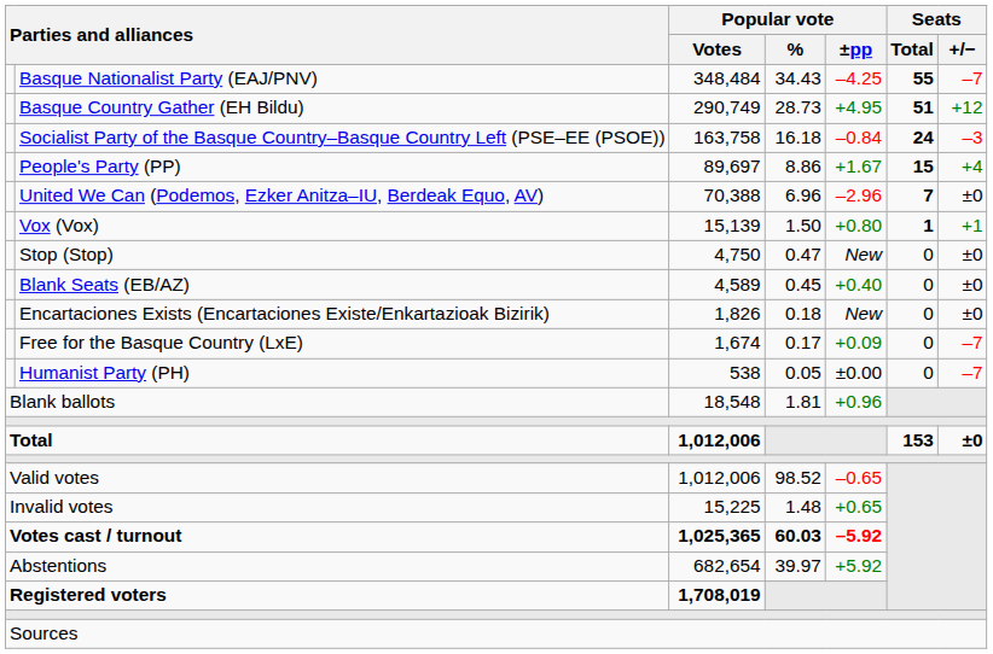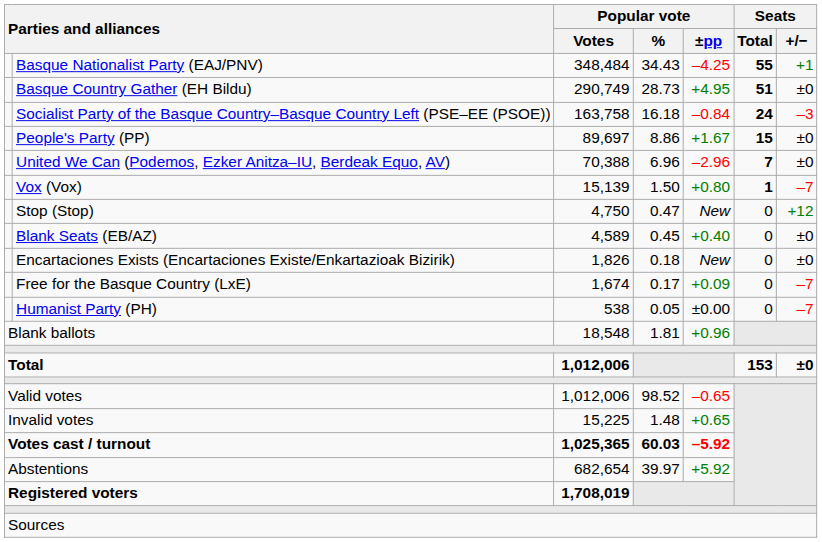 <table class="wikitable" style="text-align:right;">
 <tr>
 <th style="text-align:left;" rowspan="2" colspan="2" width="525">Parties and alliances</th>
 <th colspan="3">Popular vote</th>
 <th colspan="2">Seats</th>
 </tr>
 <tr>
 <th width="75">Votes</th>
 <th width="45">%</th>
 <th width="45">±<a href='#'>pp</a></th>
 <th width="35">Total</th>
 <th width="35">+/−</th>
 </tr>
 <tr>
 <td width="1" style="color:inherit;background:"></td>
 <td align="left"><a href='#'>Basque Nationalist Party</a> (EAJ/PNV)</td>
 <td>348,484</td>
 <td>34.43</td>
 <td style="color:red;">–4.25</td>
 <td><strong>55</strong></td>
-<td style="color:red;">–7</td>
+<td style="color:green;">+1</td>
 </tr>
 <tr>
 <td style="color:inherit;background:"></td>
 <td align="left"><a href='#'>Basque Country Gather</a> (EH Bildu)</td>
 <td>290,749</td>
 <td>28.73</td>
 <td style="color:green;">+4.95</td>
 <td><strong>51</strong></td>
-<td style="color:green;">+12</td>
+<td>±0</td>
 </tr>
 <tr>
 <td style="color:inherit;background:"></td>
 <td align="left"><a href='#'>Socialist Party of the Basque Country–Basque Country Left</a> (PSE–EE (PSOE))</td>
 <td>163,758</td>
 <td>16.18</td>
 <td style="color:red;">–0.84</td>
 <td><strong>24</strong></td>
 <td style="color:red;">–3</td>
 </tr>
 <tr>
 <td style="color:inherit;background:"></td>
 <td align="left"><a href='#'>People's Party</a> (PP)</td>
 <td>89,697</td>
 <td>8.86</td>
 <td style="color:green;">+1.67</td>
 <td><strong>15</strong></td>
-<td style="color:green;">+4</td>
+<td>±0</td>
 </tr>
 <tr>
 <td style="color:inherit;background:"></td>
 <td align="left"><a href='#'>United We Can</a> (<a href='#'>Podemos</a>, <a href='#'>Ezker Anitza–IU</a>, <a href='#'>Berdeak Equo</a>, <a href='#'>AV</a>)</td>
 <td>70,388</td>
 <td>6.96</td>
 <td style="color:red;">–2.96</td>
 <td><strong>7</strong></td>
 <td>±0</td>
 </tr>
 <tr>
 <td style="color:inherit;background:"></td>
 <td align="left"><a href='#'>Vox</a> (Vox)</td>
 <td>15,139</td>
 <td>1.50</td>
 <td style="color:green;">+0.80</td>
 <td><strong>1</strong></td>
-<td style="color:green;">+1</td>
+<td style="color:red;">–7</td>
 </tr>
 <tr>
 <td style="color:inherit;background:"></td>
 <td align="left">Stop (Stop)</td>
 <td>4,750</td>
 <td>0.47</td>
 <td><em>New</em></td>
 <td>0</td>
-<td>±0</td>
+<td style="color:green;">+12</td>
 </tr>
 <tr>
 <td style="color:inherit;background:"></td>
 <td align="left"><a href='#'>Blank Seats</a> (EB/AZ)</td>
 <td>4,589</td>
 <td>0.45</td>
 <td style="color:green;">+0.40</td>
 <td>0</td>
 <td>±0</td>
 </tr>
 <tr>
 <td style="color:inherit;background:"></td>
 <td align="left">Encartaciones Exists (Encartaciones Existe/Enkartazioak Bizirik)</td>
 <td>1,826</td>
 <td>0.18</td>
 <td><em>New</em></td>
 <td>0</td>
 <td>±0</td>
 </tr>
 <tr>
 <td style="color:inherit;background:"></td>
 <td align="left">Free for the Basque Country (LxE)</td>
 <td>1,674</td>
 <td>0.17</td>
 <td style="color:green;">+0.09</td>
 <td>0</td>
 <td style="color:red;">–7</td>
 </tr>
 <tr>
 <td style="color:inherit;background:"></td>
 <td align="left"><a href='#'>Humanist Party</a> (PH)</td>
 <td>538</td>
 <td>0.05</td>
 <td>±0.00</td>
 <td>0</td>
 <td style="color:red;">–7</td>
 </tr>
 <tr>
 <td align="left" colspan="2">Blank ballots</td>
 <td>18,548</td>
 <td>1.81</td>
 <td style="color:green;">+0.96</td>
 <td bgcolor="#E9E9E9" colspan="2"></td>
 </tr>
 <tr>
 <td colspan="7" bgcolor="#E9E9E9"></td>
 </tr>
 <tr style="font-weight:bold;">
 <td align="left" colspan="2">Total</td>
 <td>1,012,006</td>
 <td bgcolor="#E9E9E9" colspan="2"></td>
 <td>153</td>
 <td>±0</td>
 </tr>
 <tr>
 <td colspan="7" bgcolor="#E9E9E9"></td>
 </tr>
 <tr>
 <td align="left" colspan="2">Valid votes</td>
 <td>1,012,006</td>
 <td>98.52</td>
 <td style="color:red;">–0.65</td>
 <td bgcolor="#E9E9E9" colspan="2" rowspan="5"></td>
 </tr>
 <tr>
 <td align="left" colspan="2">Invalid votes</td>
 <td>15,225</td>
 <td>1.48</td>
 <td style="color:green;">+0.65</td>
 </tr>
 <tr style="font-weight:bold;">
 <td align="left" colspan="2">Votes cast / turnout</td>
 <td>1,025,365</td>
 <td>60.03</td>
 <td style="color:red;">–5.92</td>
 </tr>
 <tr>
 <td align="left" colspan="2">Abstentions</td>
 <td>682,654</td>
 <td>39.97</td>
 <td style="color:green;">+5.92</td>
 </tr>
 <tr style="font-weight:bold;">
 <td align="left" colspan="2">Registered voters</td>
 <td>1,708,019</td>
 <td bgcolor="#E9E9E9" colspan="2"></td>
 </tr>
 <tr>
 <td colspan="7" bgcolor="#E9E9E9"></td>
 </tr>
 <tr>
 <td align="left" colspan="7">Sources</td>
 </tr>
 </table>
